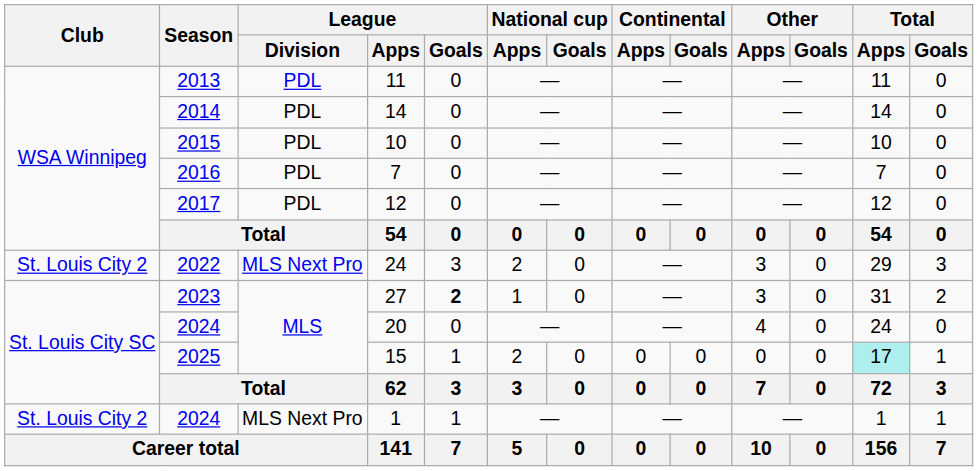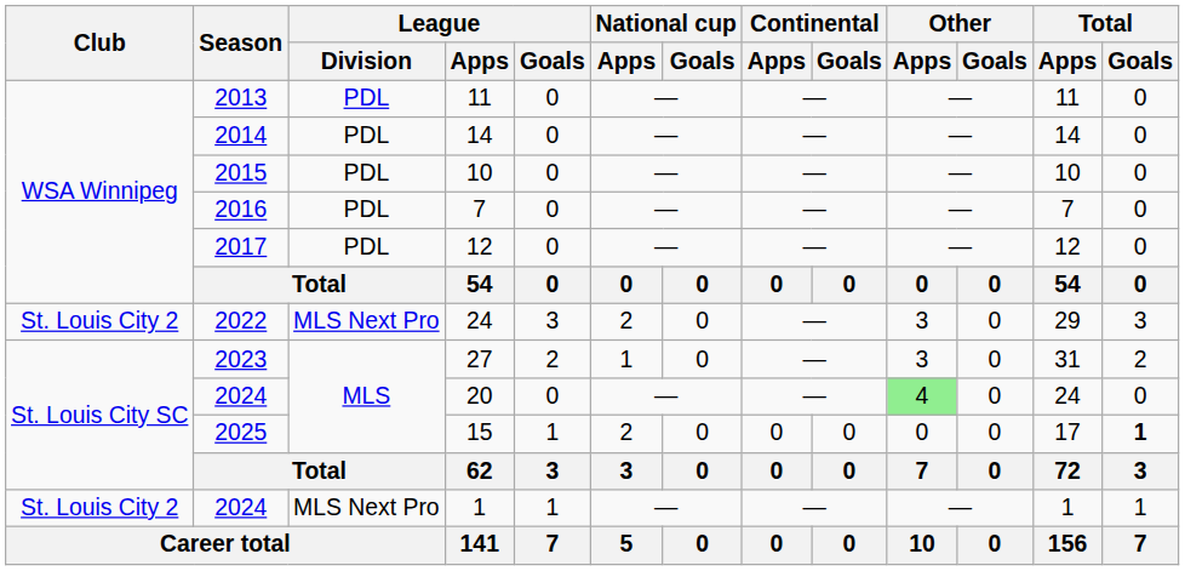 <table class="wikitable" style="text-align: center;">
 <tr>
 <th rowspan="2">Club</th>
 <th rowspan="2">Season</th>
 <th colspan="3">League</th>
 <th colspan="2">National cup</th>
 <th colspan="2">Continental</th>
 <th colspan="2">Other</th>
 <th colspan="2">Total</th>
 </tr>
 <tr>
 <th>Division</th>
 <th>Apps</th>
 <th>Goals</th>
 <th>Apps</th>
 <th>Goals</th>
 <th>Apps</th>
 <th>Goals</th>
 <th>Apps</th>
 <th>Goals</th>
 <th>Apps</th>
 <th>Goals</th>
 </tr>
 <tr>
 <td rowspan="6" l><a href='#'>WSA Winnipeg</a></td>
 <td><a href='#'>2013</a></td>
 <td><a href='#'>PDL</a></td>
 <td>11</td>
 <td>0</td>
 <td colspan="2">—</td>
 <td colspan="2">—</td>
 <td colspan="2">—</td>
 <td>11</td>
 <td>0</td>
 </tr>
 <tr>
 <td><a href='#'>2014</a></td>
 <td>PDL</td>
 <td>14</td>
 <td>0</td>
 <td colspan="2">—</td>
 <td colspan="2">—</td>
 <td colspan="2">—</td>
 <td>14</td>
 <td>0</td>
 </tr>
 <tr>
 <td><a href='#'>2015</a></td>
 <td>PDL</td>
 <td>10</td>
 <td>0</td>
 <td colspan="2">—</td>
 <td colspan="2">—</td>
 <td colspan="2">—</td>
 <td>10</td>
 <td>0</td>
 </tr>
 <tr>
 <td><a href='#'>2016</a></td>
 <td>PDL</td>
 <td>7</td>
 <td>0</td>
 <td colspan="2">—</td>
 <td colspan="2">—</td>
 <td colspan="2">—</td>
 <td>7</td>
 <td>0</td>
 </tr>
 <tr>
 <td><a href='#'>2017</a></td>
 <td>PDL</td>
 <td>12</td>
 <td>0</td>
 <td colspan="2">—</td>
 <td colspan="2">—</td>
 <td colspan="2">—</td>
 <td>12</td>
 <td>0</td>
 </tr>
 <tr>
 <th colspan="2">Total</th>
 <th>54</th>
 <th>0</th>
 <th>0</th>
 <th>0</th>
 <th>0</th>
 <th>0</th>
 <th>0</th>
 <th>0</th>
 <th>54</th>
 <th>0</th>
 </tr>
 <tr>
 <td><a href='#'>St. Louis City 2</a></td>
 <td><a href='#'>2022</a></td>
 <td><a href='#'>MLS Next Pro</a></td>
 <td>24</td>
 <td>3</td>
 <td>2</td>
 <td>0</td>
 <td colspan="2">—</td>
 <td>3</td>
 <td>0</td>
 <td>29</td>
 <td>3</td>
 </tr>
 <tr>
 <td rowspan="4"><a href='#'>St. Louis City SC</a></td>
 <td><a href='#'>2023</a></td>
 <td rowspan="3"><a href='#'>MLS</a></td>
 <td>27</td>
-<td><strong>2</strong></td>
+<td>2</td>
 <td>1</td>
 <td>0</td>
 <td colspan="2">—</td>
 <td>3</td>
 <td>0</td>
 <td>31</td>
 <td>2</td>
 </tr>
 <tr>
 <td><a href='#'>2024</a></td>
 <td>20</td>
 <td>0</td>
 <td colspan="2">—</td>
 <td colspan="2">—</td>
-<td>4</td>
+<td style="background: lightgreen;">4</td>
 <td>0</td>
 <td>24</td>
 <td>0</td>
 </tr>
 <tr>
 <td><a href='#'>2025</a></td>
 <td>15</td>
 <td>1</td>
 <td>2</td>
 <td>0</td>
 <td>0</td>
 <td>0</td>
 <td>0</td>
 <td>0</td>
-<td style="background: paleturquoise;">17</td>
-<td>1</td>
+<td>17</td>
+<td><strong>1</strong></td>
 </tr>
 <tr>
 <th colspan="2">Total</th>
 <th>62</th>
 <th>3</th>
 <th>3</th>
 <th>0</th>
 <th>0</th>
 <th>0</th>
 <th>7</th>
 <th>0</th>
 <th>72</th>
 <th>3</th>
 </tr>
 <tr>
 <td><a href='#'>St. Louis City 2</a></td>
 <td><a href='#'>2024</a></td>
 <td>MLS Next Pro</td>
 <td>1</td>
 <td>1</td>
 <td colspan="2">—</td>
 <td colspan="2">—</td>
 <td colspan="2">—</td>
 <td>1</td>
 <td>1</td>
 </tr>
 <tr>
 <th colspan="3">Career total</th>
 <th>141</th>
 <th>7</th>
 <th>5</th>
 <th>0</th>
 <th>0</th>
 <th>0</th>
 <th>10</th>
 <th>0</th>
 <th>156</th>
 <th>7</th>
 </tr>
 </table>
